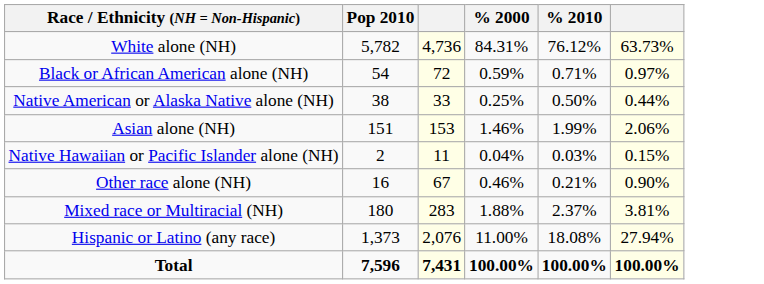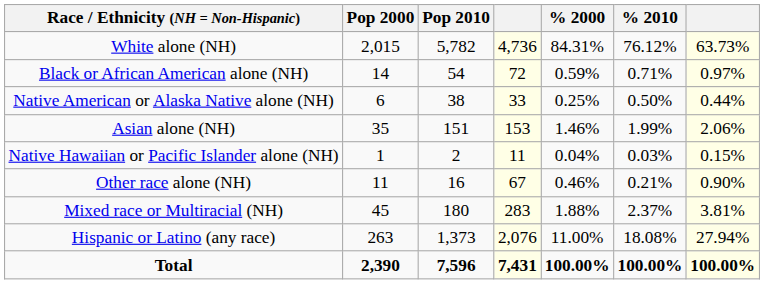 <table class="wikitable" style="text-align:center;">
 <tr>
 <th>Race / Ethnicity <small>(<em>NH = Non-Hispanic</em>)</small></th>
+<th>Pop 2000</th>
 <th>Pop 2010</th>
 <th></th>
 <th>% 2000</th>
 <th>% 2010</th>
 <th></th>
 </tr>
 <tr>
 <td><a href='#'>White</a> alone (NH)</td>
+<td>2,015</td>
 <td>5,782</td>
 <td style='background: #ffffe6;'>4,736</td>
 <td>84.31%</td>
 <td>76.12%</td>
 <td style='background: #ffffe6;'>63.73%</td>
 </tr>
 <tr>
 <td><a href='#'>Black or African American</a> alone (NH)</td>
+<td>14</td>
 <td>54</td>
 <td style='background: #ffffe6;'>72</td>
 <td>0.59%</td>
 <td>0.71%</td>
 <td style='background: #ffffe6;'>0.97%</td>
 </tr>
 <tr>
 <td><a href='#'>Native American</a> or <a href='#'>Alaska Native</a> alone (NH)</td>
+<td>6</td>
 <td>38</td>
 <td style='background: #ffffe6;'>33</td>
 <td>0.25%</td>
 <td>0.50%</td>
 <td style='background: #ffffe6;'>0.44%</td>
 </tr>
 <tr>
 <td><a href='#'>Asian</a> alone (NH)</td>
+<td>35</td>
 <td>151</td>
 <td style='background: #ffffe6;'>153</td>
 <td>1.46%</td>
 <td>1.99%</td>
 <td style='background: #ffffe6;'>2.06%</td>
 </tr>
 <tr>
 <td><a href='#'>Native Hawaiian</a> or <a href='#'>Pacific Islander</a> alone (NH)</td>
+<td>1</td>
 <td>2</td>
 <td style='background: #ffffe6;'>11</td>
 <td>0.04%</td>
 <td>0.03%</td>
 <td style='background: #ffffe6;'>0.15%</td>
 </tr>
 <tr>
 <td><a href='#'>Other race</a> alone (NH)</td>
+<td>11</td>
 <td>16</td>
 <td style='background: #ffffe6;'>67</td>
 <td>0.46%</td>
 <td>0.21%</td>
 <td style='background: #ffffe6;'>0.90%</td>
 </tr>
 <tr>
 <td><a href='#'>Mixed race or Multiracial</a> (NH)</td>
+<td>45</td>
 <td>180</td>
 <td style='background: #ffffe6;'>283</td>
 <td>1.88%</td>
 <td>2.37%</td>
 <td style='background: #ffffe6;'>3.81%</td>
 </tr>
 <tr>
 <td><a href='#'>Hispanic or Latino</a> (any race)</td>
+<td>263</td>
 <td>1,373</td>
 <td style='background: #ffffe6;'>2,076</td>
 <td>11.00%</td>
 <td>18.08%</td>
 <td style='background: #ffffe6;'>27.94%</td>
 </tr>
 <tr>
 <td><strong>Total</strong></td>
+<td><strong>2,390</strong></td>
 <td><strong>7,596</strong></td>
 <td style='background: #ffffe6;'><strong>7,431</strong></td>
 <td><strong>100.00%</strong></td>
 <td><strong>100.00%</strong></td>
 <td style='background: #ffffe6;'><strong>100.00%</strong></td>
 </tr>
 </table>
